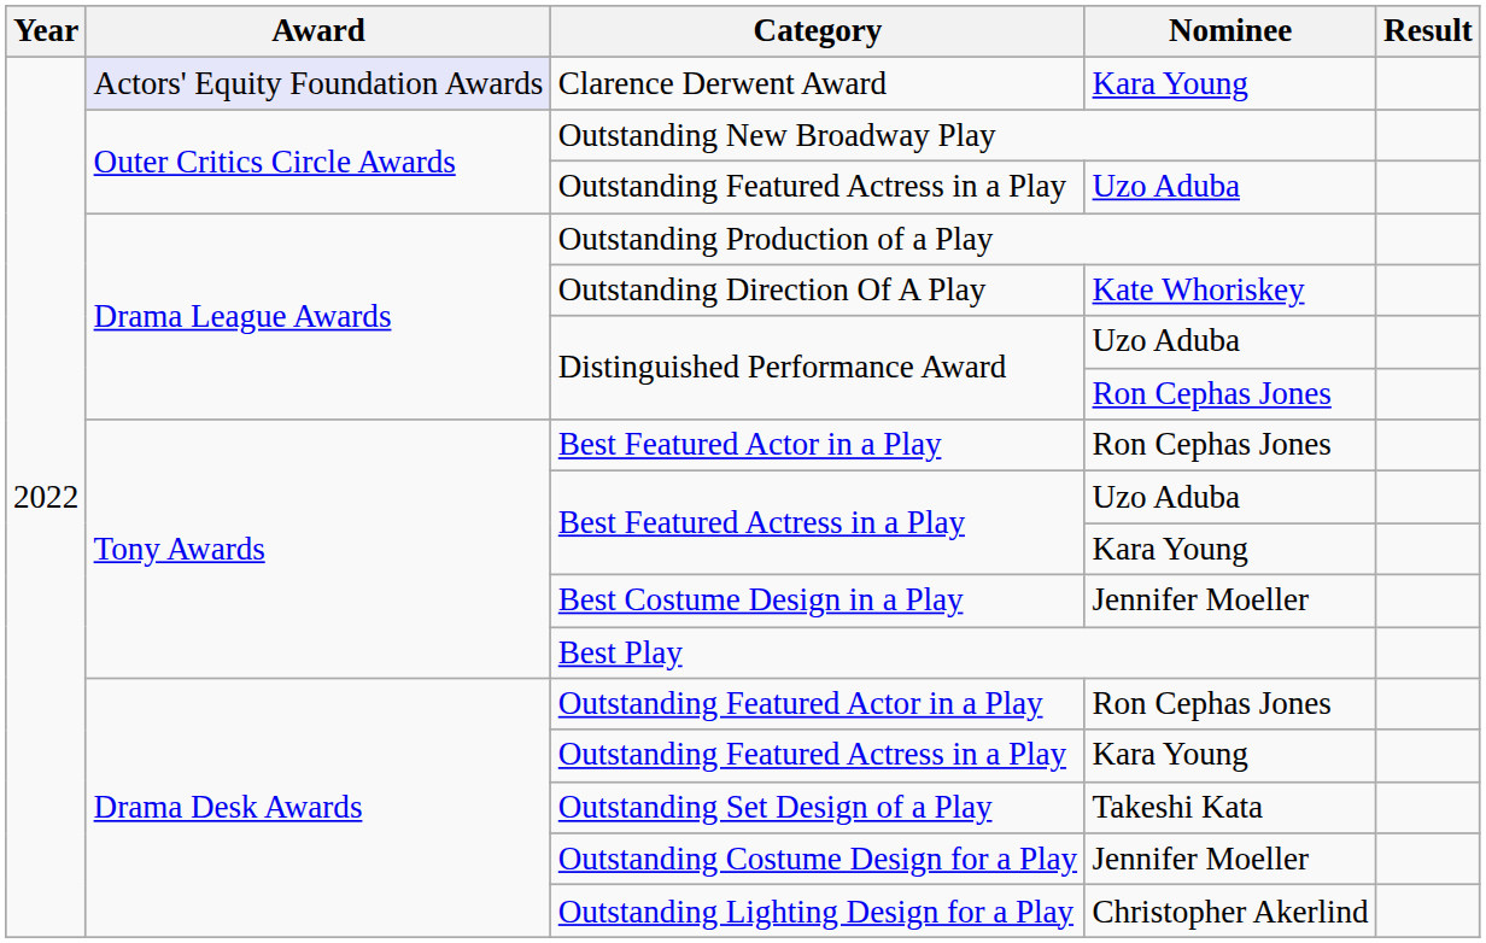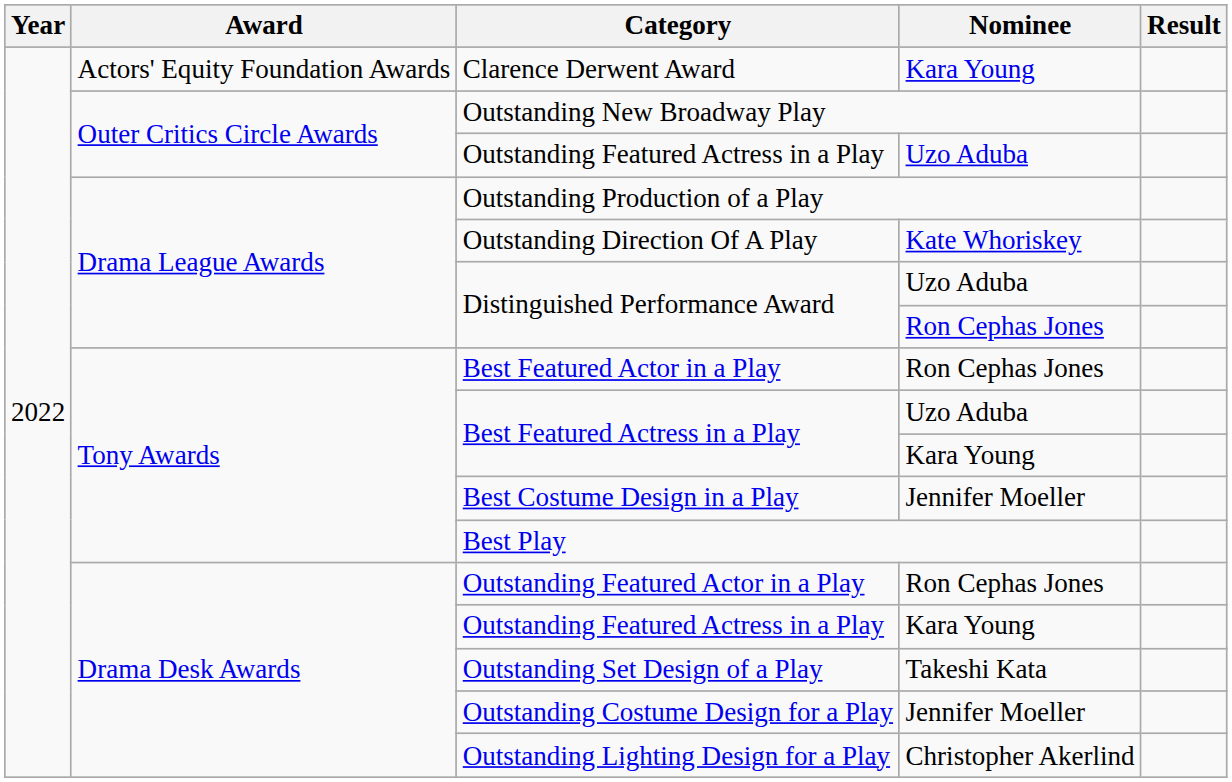 <table class="wikitable sortable">
 <tr>
 <th>Year</th>
 <th>Award</th>
 <th>Category</th>
 <th>Nominee</th>
 <th>Result</th>
 </tr>
 <tr>
 <td rowspan="17">2022</td>
-<td style="background: lavender;">Actors' Equity Foundation Awards</td>
+<td>Actors' Equity Foundation Awards</td>
 <td>Clarence Derwent Award</td>
 <td><a href='#'>Kara Young</a></td>
 <td></td>
 </tr>
 <tr>
 <td rowspan="2"><a href='#'>Outer Critics Circle Awards</a></td>
 <td colspan="2">Outstanding New Broadway Play</td>
 <td></td>
 </tr>
 <tr>
 <td>Outstanding Featured Actress in a Play</td>
 <td><a href='#'>Uzo Aduba</a></td>
 <td></td>
 </tr>
 <tr>
 <td rowspan="4"><a href='#'>Drama League Awards</a></td>
 <td colspan="2">Outstanding Production of a Play</td>
 <td></td>
 </tr>
 <tr>
 <td>Outstanding Direction Of A Play</td>
 <td><a href='#'>Kate Whoriskey</a></td>
 <td></td>
 </tr>
 <tr>
 <td rowspan="2">Distinguished Performance Award</td>
 <td>Uzo Aduba</td>
 <td></td>
 </tr>
 <tr>
 <td><a href='#'>Ron Cephas Jones</a></td>
 <td></td>
 </tr>
 <tr>
 <td rowspan="5"><a href='#'>Tony Awards</a></td>
 <td><a href='#'>Best Featured Actor in a Play</a></td>
 <td>Ron Cephas Jones</td>
 <td></td>
 </tr>
 <tr>
 <td rowspan="2"><a href='#'>Best Featured Actress in a Play</a></td>
 <td>Uzo Aduba</td>
 <td></td>
 </tr>
 <tr>
 <td>Kara Young</td>
 <td></td>
 </tr>
 <tr>
 <td><a href='#'>Best Costume Design in a Play</a></td>
 <td>Jennifer Moeller</td>
 <td></td>
 </tr>
 <tr>
 <td colspan="2"><a href='#'>Best Play</a></td>
 <td></td>
 </tr>
 <tr>
 <td rowspan="5"><a href='#'>Drama Desk Awards</a></td>
 <td><a href='#'>Outstanding Featured Actor in a Play</a></td>
 <td>Ron Cephas Jones</td>
 <td></td>
 </tr>
 <tr>
 <td><a href='#'>Outstanding Featured Actress in a Play</a></td>
 <td>Kara Young</td>
 <td></td>
 </tr>
 <tr>
 <td><a href='#'>Outstanding Set Design of a Play</a></td>
 <td>Takeshi Kata</td>
 <td></td>
 </tr>
 <tr>
 <td><a href='#'>Outstanding Costume Design for a Play</a></td>
 <td>Jennifer Moeller</td>
 <td></td>
 </tr>
 <tr>
 <td><a href='#'>Outstanding Lighting Design for a Play</a></td>
 <td>Christopher Akerlind</td>
 <td></td>
 </tr>
 </table>
